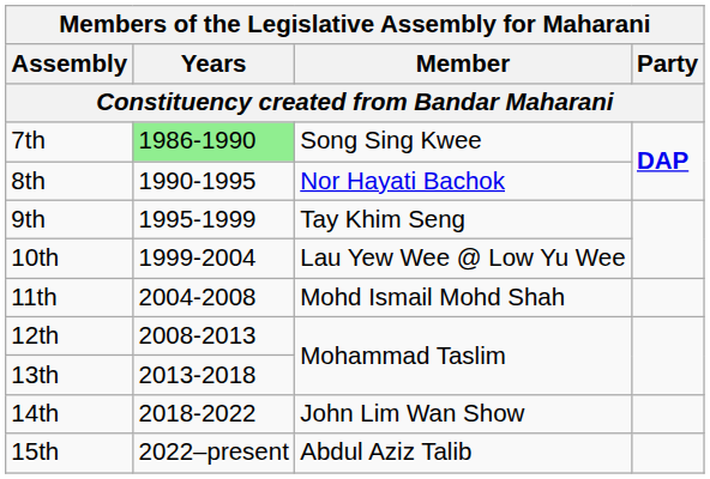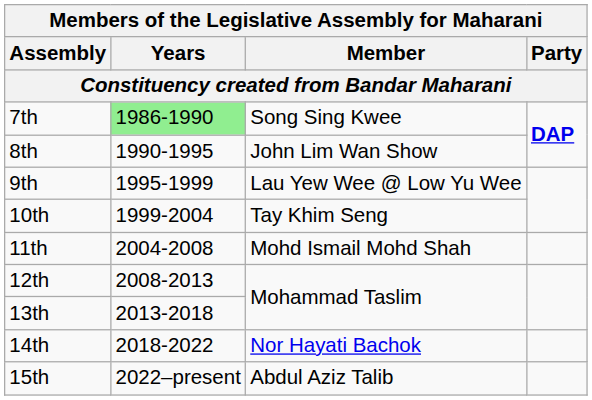 <table class=wikitable>
 <tr>
 <th colspan=4>Members of the Legislative Assembly for Maharani</th>
 </tr>
 <tr>
 <th>Assembly</th>
 <th>Years</th>
 <th>Member</th>
 <th>Party</th>
 </tr>
 <tr>
 <th colspan=4 align=center><em>Constituency created from Bandar Maharani</em></th>
 </tr>
 <tr>
 <td>7th</td>
 <td style="background: lightgreen;">1986-1990</td>
 <td>Song Sing Kwee</td>
 <td rowspan="2"><strong><a href='#'>DAP</a></strong></td>
 </tr>
 <tr>
 <td>8th</td>
 <td>1990-1995</td>
-<td><a href='#'>Nor Hayati Bachok</a></td>
+<td>John Lim Wan Show</td>
 </tr>
 <tr>
 <td>9th</td>
 <td>1995-1999</td>
-<td>Tay Khim Seng</td>
+<td>Lau Yew Wee @ Low Yu Wee</td>
 <td rowspan="2"></td>
 </tr>
 <tr>
 <td>10th</td>
 <td>1999-2004</td>
-<td>Lau Yew Wee @ Low Yu Wee</td>
+<td>Tay Khim Seng</td>
 </tr>
 <tr>
 <td>11th</td>
 <td>2004-2008</td>
 <td>Mohd Ismail Mohd Shah</td>
 <td></td>
 </tr>
 <tr>
 <td>12th</td>
 <td>2008-2013</td>
 <td rowspan="2">Mohammad Taslim</td>
 <td rowspan="2"></td>
 </tr>
 <tr>
 <td>13th</td>
 <td>2013-2018</td>
 </tr>
 <tr>
 <td>14th</td>
 <td>2018-2022</td>
-<td>John Lim Wan Show</td>
+<td><a href='#'>Nor Hayati Bachok</a></td>
 <td></td>
 </tr>
 <tr>
 <td>15th</td>
 <td>2022–present</td>
 <td>Abdul Aziz Talib</td>
 <td></td>
 </tr>
 </table>
